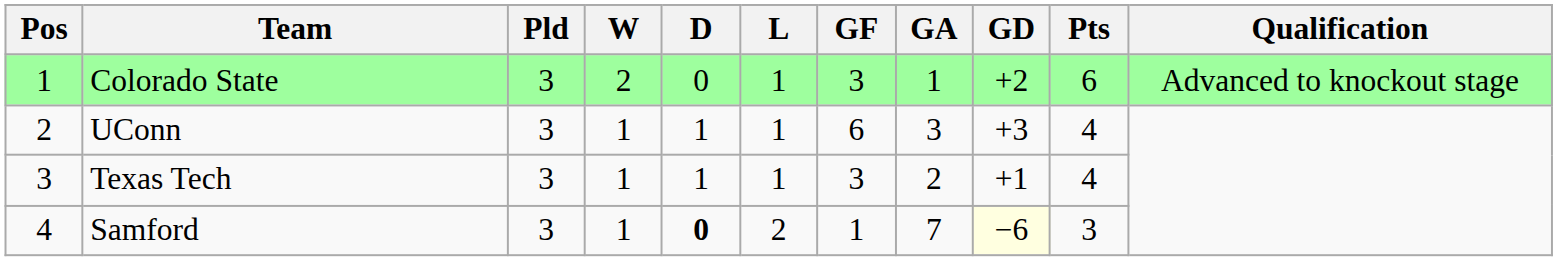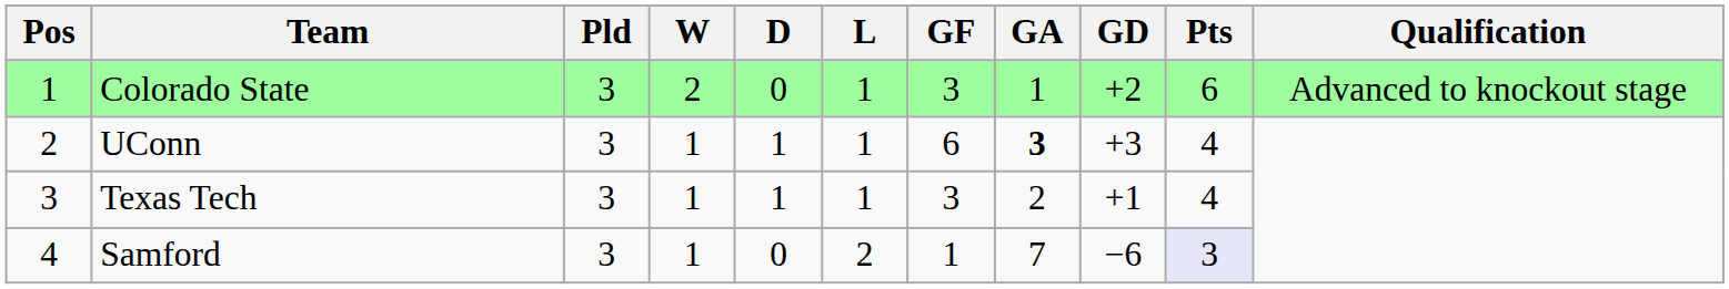 <table class="wikitable" style="text-align:center; margin: 1em auto">
 <tr>
 <th style="width:2em">Pos</th>
 <th style="width:13em">Team</th>
 <th style="width:2em">Pld</th>
 <th style="width:2em">W</th>
 <th style="width:2em">D</th>
 <th style="width:2em">L</th>
 <th style="width:2em">GF</th>
 <th style="width:2em">GA</th>
 <th style="width:2em">GD</th>
 <th style="width:2em">Pts</th>
 <th style="width:13em">Qualification</th>
 </tr>
 <tr bgcolor="#9eff9e">
 <td>1</td>
 <td style="text-align:left">Colorado State</td>
 <td>3</td>
 <td>2</td>
 <td>0</td>
 <td>1</td>
 <td>3</td>
 <td>1</td>
 <td>+2</td>
 <td>6</td>
 <td>Advanced to knockout stage</td>
 </tr>
 <tr>
 <td>2</td>
 <td style="text-align:left">UConn</td>
 <td>3</td>
 <td>1</td>
 <td>1</td>
 <td>1</td>
 <td>6</td>
-<td>3</td>
+<td><strong>3</strong></td>
 <td>+3</td>
 <td>4</td>
 </tr>
 <tr>
 <td>3</td>
 <td style="text-align:left">Texas Tech</td>
 <td>3</td>
 <td>1</td>
 <td>1</td>
 <td>1</td>
 <td>3</td>
 <td>2</td>
 <td>+1</td>
 <td>4</td>
 </tr>
 <tr>
 <td>4</td>
 <td style="text-align:left">Samford</td>
 <td>3</td>
 <td>1</td>
-<td><strong>0</strong></td>
+<td>0</td>
 <td>2</td>
 <td>1</td>
 <td>7</td>
-<td style="background: lightyellow;">−6</td>
-<td>3</td>
+<td>−6</td>
+<td style="background: lavender;">3</td>
 </tr>
 </table>
